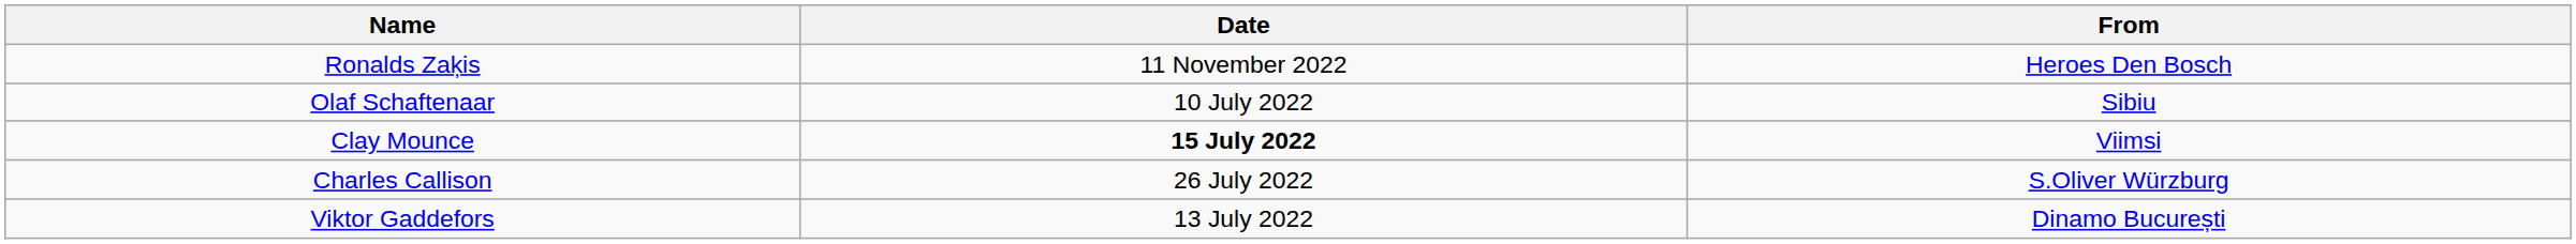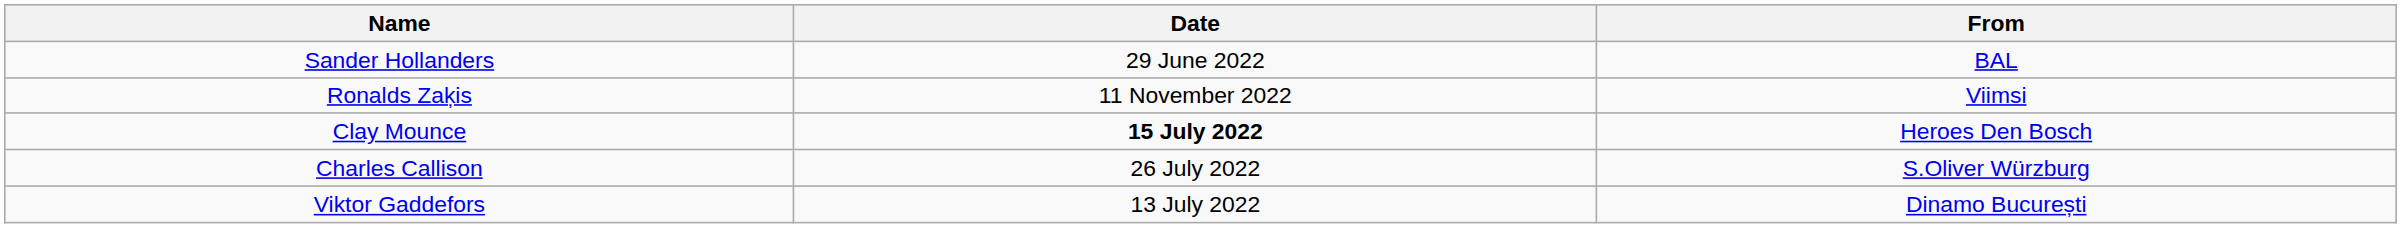 <table class="wikitable sortable" style="text-align:center;font-size:90%;width:95%">
 <tr>
 <th>Name</th>
 <th>Date</th>
 <th>From</th>
 </tr>
 <tr>
+<td><a href='#'>Sander Hollanders</a></td>
+<td>29 June 2022</td>
+<td> <a href='#'>BAL</a></td>
+</tr>
+<tr>
 <td><a href='#'>Ronalds Zaķis</a></td>
 <td>11 November 2022</td>
-<td> <a href='#'>Heroes Den Bosch</a></td>
-</tr>
-<tr>
-<td><a href='#'>Olaf Schaftenaar</a></td>
-<td>10 July 2022</td>
-<td> <a href='#'>Sibiu</a></td>
+<td> <a href='#'>Viimsi</a></td>
 </tr>
 <tr>
 <td><a href='#'>Clay Mounce</a></td>
 <td><strong>15 July 2022</strong></td>
-<td> <a href='#'>Viimsi</a></td>
+<td> <a href='#'>Heroes Den Bosch</a></td>
 </tr>
 <tr>
 <td><a href='#'>Charles Callison</a></td>
 <td>26 July 2022</td>
 <td> <a href='#'>S.Oliver Würzburg</a></td>
 </tr>
 <tr>
 <td><a href='#'>Viktor Gaddefors</a></td>
 <td>13 July 2022</td>
 <td> <a href='#'>Dinamo București</a></td>
 </tr>
 </table>
